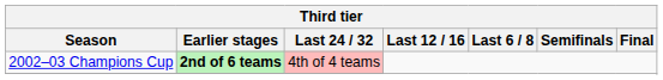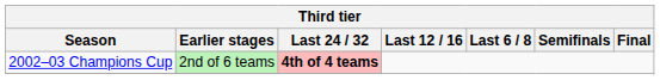 <table class="wikitable" style="font-size:90%">
 <tr>
 <th colspan=7>Third tier</th>
 </tr>
 <tr>
 <th>Season</th>
 <th>Earlier stages</th>
 <th>Last 24 / 32</th>
 <th>Last 12 / 16</th>
 <th>Last 6 / 8</th>
 <th>Semifinals</th>
 <th>Final</th>
 </tr>
 <tr>
 <td><a href='#'>2002–03 Champions Cup</a></td>
-<td bgcolor=#BBF3BB><strong>2nd of 6 teams</strong></td>
-<td bgcolor=#FFBBBB>4th of 4 teams</td>
+<td bgcolor=#BBF3BB>2nd of 6 teams</td>
+<td bgcolor=#FFBBBB><strong>4th of 4 teams</strong></td>
 </tr>
 <tr>
 </tr>
 </table>
